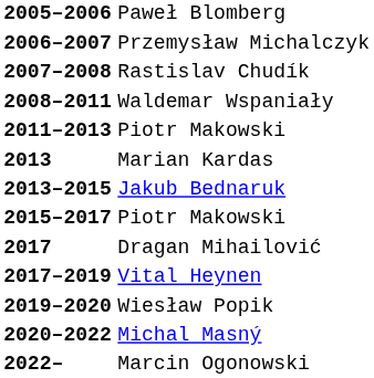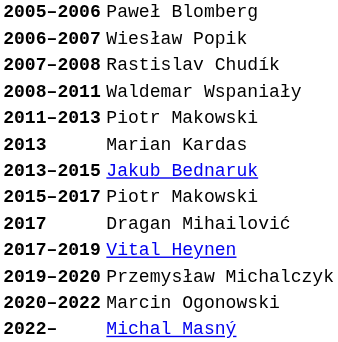 <table>
 <tr>
 <td><strong>2005–2006</strong></td>
 <td> Paweł Blomberg</td>
 </tr>
 <tr>
 <td><strong>2006–2007</strong></td>
-<td> Przemysław Michalczyk</td>
+<td> Wiesław Popik</td>
 </tr>
 <tr>
 <td><strong>2007–2008</strong></td>
 <td> Rastislav Chudík</td>
 </tr>
 <tr>
 <td><strong>2008–2011</strong></td>
 <td> Waldemar Wspaniały</td>
 </tr>
 <tr>
 <td><strong>2011–2013</strong></td>
 <td> Piotr Makowski</td>
 </tr>
 <tr>
 <td><strong>2013</strong></td>
 <td> Marian Kardas</td>
 </tr>
 <tr>
 <td><strong>2013–2015</strong></td>
 <td> <a href='#'>Jakub Bednaruk</a></td>
 </tr>
 <tr>
 <td><strong>2015–2017</strong></td>
 <td> Piotr Makowski</td>
 </tr>
 <tr>
 <td><strong>2017</strong></td>
 <td> Dragan Mihailović</td>
 </tr>
 <tr>
 <td><strong>2017–2019</strong></td>
 <td> <a href='#'>Vital Heynen</a></td>
 </tr>
 <tr>
 <td><strong>2019–2020</strong></td>
-<td> Wiesław Popik</td>
+<td> Przemysław Michalczyk</td>
 </tr>
 <tr>
 <td><strong>2020–2022</strong></td>
-<td> <a href='#'>Michal Masný</a></td>
+<td> Marcin Ogonowski</td>
 </tr>
 <tr>
 <td><strong>2022–</strong></td>
-<td> Marcin Ogonowski</td>
+<td> <a href='#'>Michal Masný</a></td>
 </tr>
 </table>
